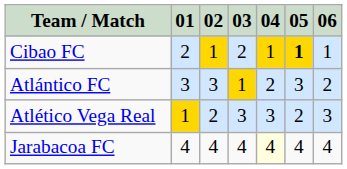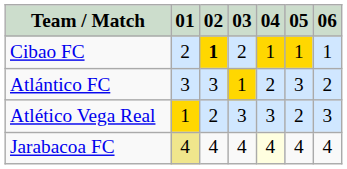 <table class="wikitable sortable" style="text-align: center; font-size: 85%; margin-left: auto; margin-right: auto; border: none;">
 <tr>
 <th style= "background:#CCDDCC; color:black; text-align:center" width="110">Team / Match</th>
 <th style= "background:#CCDDCC; color:black; text-align:center" width="5">01</th>
 <th style= "background:#CCDDCC; color:black; text-align:center" width="5">02</th>
 <th style= "background:#CCDDCC; color:black; text-align:center" width="5">03</th>
 <th style= "background:#CCDDCC; color:black; text-align:center" width="5">04</th>
 <th style= "background:#CCDDCC; color:black; text-align:center" width="5">05</th>
 <th style= "background:#CCDDCC; color:black; text-align:center" width="5">06</th>
 </tr>
 <tr>
 <td style="text-align:left"><a href='#'>Cibao FC</a></td>
 <td style="text-align:center; background:#D0E7FF">2</td>
-<td style="text-align:center; background:#FFD700">1</td>
+<td style="text-align:center; background:#FFD700"><strong>1</strong></td>
 <td style="text-align:center; background:#D0E7FF">2</td>
 <td style="text-align:center; background:#FFD700">1</td>
-<td style="text-align:center; background:#FFD700"><strong>1</strong></td>
+<td style="text-align:center; background:#FFD700">1</td>
 <td style="text-align:center; background:#D0E7FF">1</td>
 </tr>
 <tr>
 <td style="text-align:left"><a href='#'>Atlántico FC</a></td>
 <td style="text-align:center; background:#D0E7FF">3</td>
 <td style="text-align:center; background:#D0E7FF">3</td>
 <td style="text-align:center; background:#FFD700">1</td>
 <td style="text-align:center; background:#D0E7FF">2</td>
 <td style="text-align:center; background:#D0E7FF">3</td>
 <td style="text-align:center; background:#D0E7FF">2</td>
 </tr>
 <tr>
 <td style="text-align:left"><a href='#'>Atlético Vega Real</a></td>
 <td style="text-align:center; background:#FFD700">1</td>
 <td style="text-align:center; background:#D0E7FF">2</td>
 <td style="text-align:center; background:#D0E7FF">3</td>
 <td style="text-align:center; background:#D0E7FF">3</td>
 <td style="text-align:center; background:#D0E7FF">2</td>
 <td style="text-align:center; background:#D0E7FF">3</td>
 </tr>
 <tr>
 <td style="text-align:left"><a href='#'>Jarabacoa FC</a></td>
-<td style="text-align:center">4</td>
+<td style="background: khaki; text-align:center">4</td>
 <td style="text-align:center">4</td>
 <td style="text-align:center">4</td>
 <td style="background: lightyellow; text-align:center">4</td>
 <td style="text-align:center">4</td>
 <td style="text-align:center">4</td>
 </tr>
 <tr>
 </tr>
 <tr>
 </tr>
 </table>
